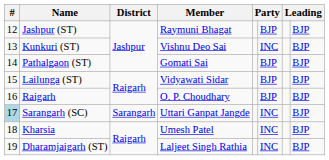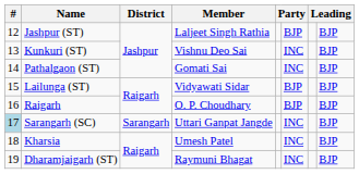 <table class="wikitable">
 <tr>
 <th>#</th>
 <th>Name</th>
 <th>District</th>
 <th>Member</th>
 <th colspan="2">Party</th>
 <th colspan="2">Leading<br></th>
 </tr>
 <tr>
 <td>12</td>
 <td><a href='#'>Jashpur</a> (ST)</td>
 <td rowspan="3"><a href='#'>Jashpur</a></td>
-<td><a href='#'>Raymuni Bhagat</a></td>
+<td><a href='#'>Laljeet Singh Rathia</a></td>
 <td style="background-color: "></td>
 <td><a href='#'>BJP</a></td>
 <td style="background-color: "></td>
 <td><a href='#'>BJP</a></td>
 </tr>
 <tr>
 <td>13</td>
 <td><a href='#'>Kunkuri</a> (ST)</td>
 <td><a href='#'>Vishnu Deo Sai</a></td>
 <td style="background-color: "></td>
 <td><a href='#'>INC</a></td>
 <td style="background-color: "></td>
 <td><a href='#'>BJP</a></td>
 </tr>
 <tr>
 <td>14</td>
 <td><a href='#'>Pathalgaon</a> (ST)</td>
 <td><a href='#'>Gomati Sai</a></td>
 <td style="background-color: "></td>
-<td><a href='#'>BJP</a></td>
+<td><a href='#'>INC</a></td>
 <td style="background-color: "></td>
 <td><a href='#'>BJP</a></td>
 </tr>
 <tr>
 <td>15</td>
 <td><a href='#'>Lailunga</a> (ST)</td>
 <td rowspan="2"><a href='#'>Raigarh</a></td>
 <td><a href='#'>Vidyawati Sidar</a></td>
 <td style="background-color: "></td>
 <td><a href='#'>BJP</a></td>
 <td style="background-color: "></td>
 <td><a href='#'>BJP</a></td>
 </tr>
 <tr>
 <td>16</td>
 <td><a href='#'>Raigarh</a></td>
 <td><a href='#'>O. P. Choudhary</a></td>
 <td style="background-color: "></td>
 <td><a href='#'>BJP</a></td>
 <td style="background-color: "></td>
 <td><a href='#'>BJP</a></td>
 </tr>
 <tr>
 <td style="background: lightblue;">17</td>
 <td><a href='#'>Sarangarh</a> (SC)</td>
 <td rowspan="1"><a href='#'>Sarangarh</a></td>
 <td><a href='#'>Uttari Ganpat Jangde</a></td>
 <td style="background-color: "></td>
 <td><a href='#'>INC</a></td>
 <td style="background-color: "></td>
 <td><a href='#'>BJP</a></td>
 </tr>
 <tr>
 <td>18</td>
 <td><a href='#'>Kharsia</a></td>
 <td rowspan="2"><a href='#'>Raigarh</a></td>
 <td><a href='#'>Umesh Patel</a></td>
 <td style="background-color: "></td>
 <td><a href='#'>INC</a></td>
 <td style="background-color: "></td>
 <td><a href='#'>BJP</a></td>
 </tr>
 <tr>
 <td>19</td>
 <td><a href='#'>Dharamjaigarh</a> (ST)</td>
-<td><a href='#'>Laljeet Singh Rathia</a></td>
+<td><a href='#'>Raymuni Bhagat</a></td>
 <td style="background-color: "></td>
 <td><a href='#'>INC</a></td>
 <td style="background-color: "></td>
 <td><a href='#'>BJP</a></td>
 </tr>
 </table>
